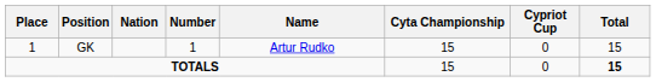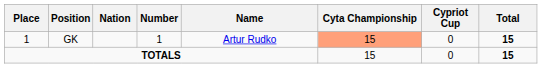 <table class="wikitable" style="font-size: 95%; text-align: center;">
 <tr>
 <th width=60>Place</th>
 <th width=60>Position</th>
 <th width=60>Nation</th>
 <th width=60>Number</th>
 <th width=200>Name</th>
 <th width=150>Cyta Championship</th>
 <th width=80>Cypriot Cup</th>
 <th width=80><strong>Total</strong></th>
 </tr>
 <tr>
 <td>1</td>
 <td>GK</td>
 <td></td>
 <td>1</td>
 <td><a href='#'>Artur Rudko</a></td>
-<td>15</td>
+<td style="background: lightsalmon;">15</td>
 <td>0</td>
-<td>15</td>
+<td><strong>15</strong></td>
 </tr>
 <tr>
 <td colspan="5"><strong>TOTALS</strong></td>
 <td>15</td>
 <td>0</td>
 <td><strong>15</strong></td>
 </tr>
 </table>
